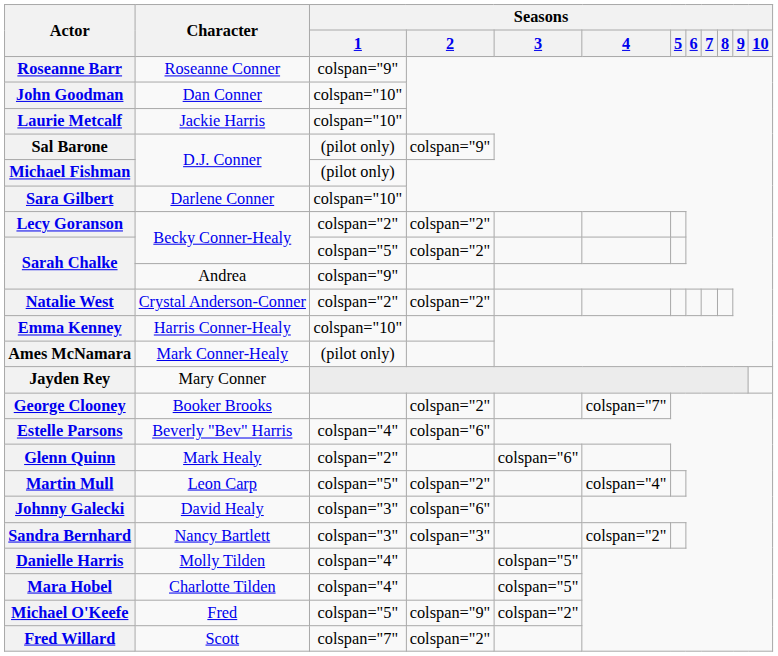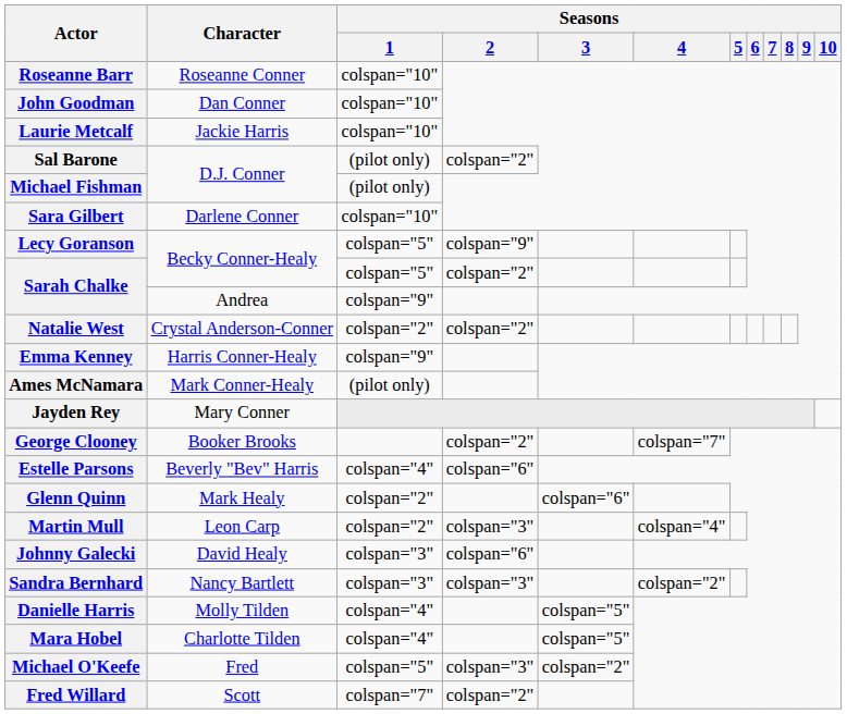 <table class="wikitable plainrowheaders" style="text-align:center">
 <tr>
 <th scope="col" rowspan="2">Actor</th>
 <th scope="col" rowspan="2">Character</th>
 <th scope="col" colspan="10">Seasons</th>
 </tr>
 <tr>
 <th scope="col"><a href='#'>1</a></th>
 <th scope="col"><a href='#'>2</a></th>
 <th scope="col"><a href='#'>3</a></th>
 <th scope="col"><a href='#'>4</a></th>
 <th scope="col"><a href='#'>5</a></th>
 <th scope="col"><a href='#'>6</a></th>
 <th scope="col"><a href='#'>7</a></th>
 <th scope="col"><a href='#'>8</a></th>
 <th scope="col"><a href='#'>9</a></th>
 <th scope="col"><a href='#'>10</a></th>
 </tr>
 <tr>
 <th scope="row"><a href='#'>Roseanne Barr</a></th>
 <td><a href='#'>Roseanne Conner</a></td>
-<td>colspan="9" </td>
+<td>colspan="10" </td>
 </tr>
 <tr>
 <th scope="row"><a href='#'>John Goodman</a></th>
 <td><a href='#'>Dan Conner</a></td>
 <td>colspan="10" </td>
 </tr>
 <tr>
 <th scope="row"><a href='#'>Laurie Metcalf</a></th>
 <td><a href='#'>Jackie Harris</a></td>
 <td>colspan="10" </td>
 </tr>
 <tr>
 <th scope="row">Sal Barone</th>
 <td rowspan="2"><a href='#'>D.J. Conner</a></td>
 <td> (pilot only)</td>
-<td>colspan="9" </td>
+<td>colspan="2" </td>
 </tr>
 <tr>
 <th scope="row"><a href='#'>Michael Fishman</a></th>
 <td> (pilot only)</td>
 </tr>
 <tr>
 <th scope="row"><a href='#'>Sara Gilbert</a></th>
 <td><a href='#'>Darlene Conner</a></td>
 <td>colspan="10" </td>
 </tr>
 <tr>
 <th scope="row"><a href='#'>Lecy Goranson</a></th>
 <td rowspan=2><a href='#'>Becky Conner-Healy</a></td>
-<td>colspan="2" </td>
-<td>colspan="2" </td>
+<td>colspan="5" </td>
+<td>colspan="9" </td>
 <td></td>
 <td></td>
 <td></td>
 </tr>
 <tr>
 <th scope="row" rowspan=2><a href='#'>Sarah Chalke</a></th>
 <td>colspan="5" </td>
 <td>colspan="2" </td>
 <td></td>
 <td></td>
 <td></td>
 </tr>
 <tr>
 <td>Andrea</td>
 <td>colspan="9" </td>
 <td></td>
 </tr>
 <tr>
 <th scope="row"><a href='#'>Natalie West</a></th>
 <td><a href='#'>Crystal Anderson-Conner</a></td>
 <td>colspan="2" </td>
 <td>colspan="2" </td>
 <td></td>
 <td></td>
 <td></td>
 <td></td>
 <td></td>
 <td></td>
 </tr>
 <tr>
 <th scope="row"><a href='#'>Emma Kenney</a></th>
 <td><a href='#'>Harris Conner-Healy</a></td>
-<td>colspan="10" </td>
+<td>colspan="9" </td>
 <td></td>
 </tr>
 <tr>
 <th scope="row">Ames McNamara</th>
 <td><a href='#'>Mark Conner-Healy</a></td>
 <td> (pilot only)</td>
 <td></td>
 </tr>
 <tr>
 <th scope="row">Jayden Rey</th>
 <td>Mary Conner</td>
 <td style="background:#ececec; color:gray;" colspan="9"></td>
 <td></td>
 </tr>
 <tr>
 <th scope="row"><a href='#'>George Clooney</a></th>
 <td><a href='#'>Booker Brooks</a></td>
 <td></td>
 <td>colspan="2" </td>
 <td></td>
 <td>colspan="7" </td>
 </tr>
 <tr>
 <th scope="row"><a href='#'>Estelle Parsons</a></th>
 <td><a href='#'>Beverly "Bev" Harris</a></td>
 <td>colspan="4" </td>
 <td>colspan="6" </td>
 </tr>
 <tr>
 <th scope="row"><a href='#'>Glenn Quinn</a></th>
 <td><a href='#'>Mark Healy</a></td>
 <td>colspan="2" </td>
 <td></td>
 <td>colspan="6" </td>
 <td></td>
 </tr>
 <tr>
 <th scope="row"><a href='#'>Martin Mull</a></th>
 <td><a href='#'>Leon Carp</a></td>
-<td>colspan="5" </td>
 <td>colspan="2" </td>
+<td>colspan="3" </td>
 <td></td>
 <td>colspan="4" </td>
 <td></td>
 </tr>
 <tr>
 <th scope="row"><a href='#'>Johnny Galecki</a></th>
 <td><a href='#'>David Healy</a></td>
 <td>colspan="3" </td>
 <td>colspan="6" </td>
 <td></td>
 </tr>
 <tr>
 <th scope="row"><a href='#'>Sandra Bernhard</a></th>
 <td><a href='#'>Nancy Bartlett</a></td>
 <td>colspan="3" </td>
 <td>colspan="3" </td>
 <td></td>
 <td>colspan="2" </td>
 <td></td>
 </tr>
 <tr>
 <th scope="row"><a href='#'>Danielle Harris</a></th>
 <td><a href='#'>Molly Tilden</a></td>
 <td>colspan="4" </td>
 <td></td>
 <td>colspan="5" </td>
 </tr>
 <tr>
 <th scope="row"><a href='#'>Mara Hobel</a></th>
 <td><a href='#'>Charlotte Tilden</a></td>
 <td>colspan="4" </td>
 <td></td>
 <td>colspan="5" </td>
 </tr>
 <tr>
 <th scope="row"><a href='#'>Michael O'Keefe</a></th>
 <td><a href='#'>Fred</a></td>
 <td>colspan="5" </td>
-<td>colspan="9" </td>
+<td>colspan="3" </td>
 <td>colspan="2" </td>
 </tr>
 <tr>
 <th scope="row"><a href='#'>Fred Willard</a></th>
 <td><a href='#'>Scott</a></td>
 <td>colspan="7" </td>
 <td>colspan="2" </td>
 <td></td>
 </tr>
 </table>
